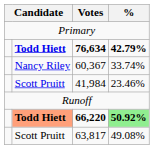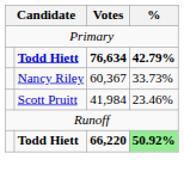 <table class="wikitable">
 <tr>
 <th colspan="2" rowspan="1" align="center" valign="top"><strong>Candidate</strong></th>
 <th valign="top"><strong>Votes</strong></th>
 <th valign="top"><strong>%</strong></th>
 </tr>
 <tr>
 <td style="text-align:center;" colspan="4"><em>Primary</em></td>
 </tr>
 <tr>
 <td style="background-color:"> </td>
 <td><strong><a href='#'>Todd Hiett</a></strong></td>
 <td><strong>76,634</strong></td>
 <td><strong>42.79%</strong></td>
 </tr>
 <tr>
 <td style="background-color:"> </td>
 <td><a href='#'>Nancy Riley</a></td>
 <td>60,367</td>
-<td>33.74%</td>
+<td>33.73%</td>
 </tr>
 <tr>
 <td style="background-color:"> </td>
 <td><a href='#'>Scott Pruitt</a></td>
 <td>41,984</td>
 <td>23.46%</td>
 </tr>
 <tr>
 <td style="text-align:center;" colspan="4"><em>Runoff</em></td>
 </tr>
 <tr>
 <td style="background-color:"> </td>
-<td style="background: lightsalmon;"><strong>Todd Hiett</strong></td>
+<td><strong>Todd Hiett</strong></td>
 <td><strong>66,220</strong></td>
 <td style="background: lightgreen;"><strong>50.92%</strong></td>
 </tr>
-<tr>
-<td style="background-color:"> </td>
-<td>Scott Pruitt</td>
-<td>63,817</td>
-<td>49.08%</td>
-</tr>
 </table>
